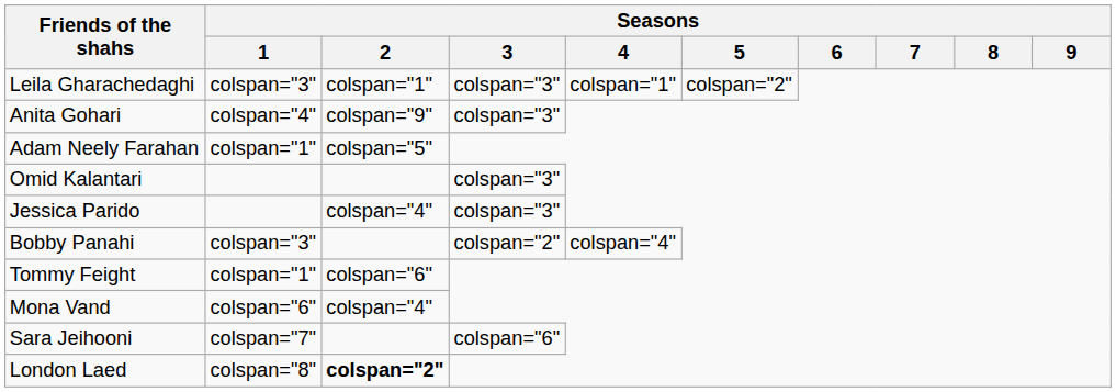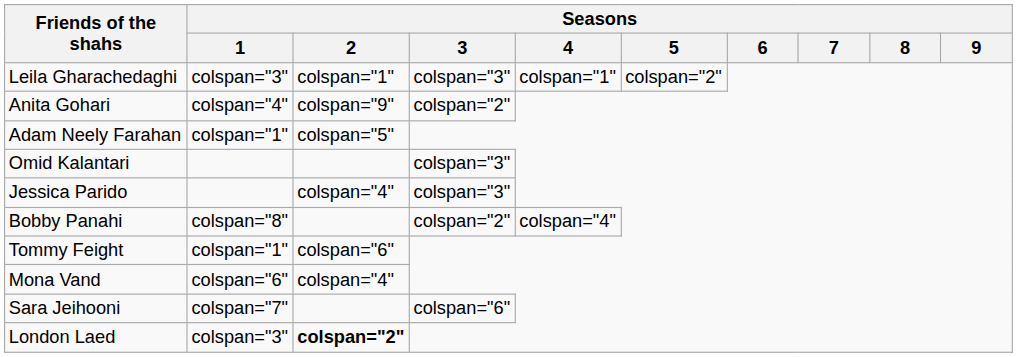 <table class="wikitable plainrowheaders" style="width:70%;">
 <tr>
 <th scope="col" rowspan="2" style="width:17%;">Friends of the shahs</th>
 <th scope="col" colspan="10">Seasons</th>
 </tr>
 <tr>
 <th scope="col" style="width:7%;">1</th>
 <th scope="col" style="width:7%;">2</th>
 <th scope="col" style="width:7%;">3</th>
 <th scope="col" style="width:7%;">4</th>
 <th scope="col" style="width:7%;">5</th>
 <th scope="col" style="width:7%;">6</th>
 <th scope="col" style="width:7%;">7</th>
 <th scope="col" style="width:7%;">8</th>
 <th scope="col" style="width:7%;">9</th>
 </tr>
 <tr>
 <td nowrap>Leila Gharachedaghi</td>
 <td>colspan="3" </td>
 <td>colspan="1" </td>
 <td>colspan="3" </td>
 <td>colspan="1" </td>
 <td>colspan="2" </td>
 </tr>
 <tr>
 <td scope="row">Anita Gohari</td>
 <td>colspan="4" </td>
 <td>colspan="9" </td>
-<td>colspan="3" </td>
+<td>colspan="2" </td>
 </tr>
 <tr>
 <td scope="row" nowrap>Adam Neely Farahan</td>
 <td>colspan="1" </td>
 <td>colspan="5" </td>
 </tr>
 <tr>
 <td scope="row">Omid Kalantari</td>
 <td></td>
 <td></td>
 <td>colspan="3" </td>
 </tr>
 <tr>
 <td scope="row">Jessica Parido</td>
 <td></td>
 <td>colspan="4" </td>
 <td>colspan="3" </td>
 </tr>
 <tr>
 <td scope="row">Bobby Panahi</td>
-<td>colspan="3" </td>
+<td>colspan="8" </td>
 <td></td>
 <td>colspan="2" </td>
 <td>colspan="4" </td>
 </tr>
 <tr>
 <td scope="row">Tommy Feight</td>
 <td>colspan="1" </td>
 <td>colspan="6" </td>
 </tr>
 <tr>
 <td scope="row">Mona Vand</td>
 <td>colspan="6" </td>
 <td>colspan="4" </td>
 </tr>
 <tr>
 <td scope="row">Sara Jeihooni</td>
 <td>colspan="7" </td>
 <td></td>
 <td>colspan="6" </td>
 </tr>
 <tr>
 <td scope="row">London Laed</td>
-<td>colspan="8" </td>
+<td>colspan="3" </td>
 <td><strong>colspan="2" </strong></td>
 </tr>
 </table>
